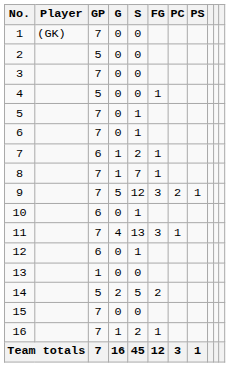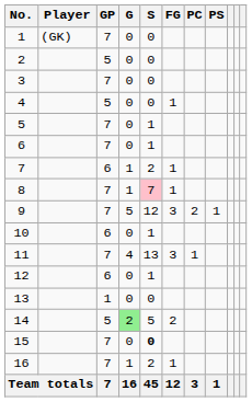 <table class="wikitable sortable" style="font-size:90%; text-align:center">
 <tr>
 <th>No.</th>
 <th>Player</th>
 <th>GP</th>
 <th>G</th>
 <th>S</th>
 <th>FG</th>
 <th>PC</th>
 <th>PS</th>
 <th></th>
 <th></th>
 <th></th>
 </tr>
 <tr>
 <td>1</td>
 <td align=left> (GK)</td>
 <td>7</td>
 <td>0</td>
 <td>0</td>
 <td></td>
 <td></td>
 <td></td>
 <td></td>
 <td></td>
 <td></td>
 </tr>
 <tr>
 <td>2</td>
 <td align=left></td>
 <td>5</td>
 <td>0</td>
 <td>0</td>
 <td></td>
 <td></td>
 <td></td>
 <td></td>
 <td></td>
 <td></td>
 </tr>
 <tr>
 <td>3</td>
 <td align=left></td>
 <td>7</td>
 <td>0</td>
 <td>0</td>
 <td></td>
 <td></td>
 <td></td>
 <td></td>
 <td></td>
 <td></td>
 </tr>
 <tr>
 <td>4</td>
 <td align=left></td>
 <td>5</td>
 <td>0</td>
 <td>0</td>
 <td>1</td>
 <td></td>
 <td></td>
 <td></td>
 <td></td>
 <td></td>
 </tr>
 <tr>
 <td>5</td>
 <td align=left></td>
 <td>7</td>
 <td>0</td>
 <td>1</td>
 <td></td>
 <td></td>
 <td></td>
 <td></td>
 <td></td>
 <td></td>
 </tr>
 <tr>
 <td>6</td>
 <td align=left></td>
 <td>7</td>
 <td>0</td>
 <td>1</td>
 <td></td>
 <td></td>
 <td></td>
 <td></td>
 <td></td>
 <td></td>
 </tr>
 <tr>
 <td>7</td>
 <td align=left></td>
 <td>6</td>
 <td>1</td>
 <td>2</td>
 <td>1</td>
 <td></td>
 <td></td>
 <td></td>
 <td></td>
 <td></td>
 </tr>
 <tr>
 <td>8</td>
 <td align=left></td>
 <td>7</td>
 <td>1</td>
-<td>7</td>
+<td style="background: pink;">7</td>
 <td>1</td>
 <td></td>
 <td></td>
 <td></td>
 <td></td>
 <td></td>
 </tr>
 <tr>
 <td>9</td>
 <td align=left></td>
 <td>7</td>
 <td>5</td>
 <td>12</td>
 <td>3</td>
 <td>2</td>
 <td>1</td>
 <td></td>
 <td></td>
 <td></td>
 </tr>
 <tr>
 <td>10</td>
 <td align=left></td>
 <td>6</td>
 <td>0</td>
 <td>1</td>
 <td></td>
 <td></td>
 <td></td>
 <td></td>
 <td></td>
 <td></td>
 </tr>
 <tr>
 <td>11</td>
 <td align=left></td>
 <td>7</td>
 <td>4</td>
 <td>13</td>
 <td>3</td>
 <td>1</td>
 <td></td>
 <td></td>
 <td></td>
 <td></td>
 </tr>
 <tr>
 <td>12</td>
 <td align=left></td>
 <td>6</td>
 <td>0</td>
 <td>1</td>
 <td></td>
 <td></td>
 <td></td>
 <td></td>
 <td></td>
 <td></td>
 </tr>
 <tr>
 <td>13</td>
 <td align=left></td>
 <td>1</td>
 <td>0</td>
 <td>0</td>
 <td></td>
 <td></td>
 <td></td>
 <td></td>
 <td></td>
 <td></td>
 </tr>
 <tr>
 <td>14</td>
 <td align=left></td>
 <td>5</td>
-<td>2</td>
+<td style="background: lightgreen;">2</td>
 <td>5</td>
 <td>2</td>
 <td></td>
 <td></td>
 <td></td>
 <td></td>
 <td></td>
 </tr>
 <tr>
 <td>15</td>
 <td align=left></td>
 <td>7</td>
 <td>0</td>
-<td>0</td>
+<td><strong>0</strong></td>
 <td></td>
 <td></td>
 <td></td>
 <td></td>
 <td></td>
 <td></td>
 </tr>
 <tr>
 <td>16</td>
 <td align=left></td>
 <td>7</td>
 <td>1</td>
 <td>2</td>
 <td>1</td>
 <td></td>
 <td></td>
 <td></td>
 <td></td>
 <td></td>
 </tr>
 <tr class="sortbottom">
 <th colspan=2>Team totals</th>
 <th>7</th>
 <th>16</th>
 <th>45</th>
 <th>12</th>
 <th>3</th>
 <th>1</th>
 <th></th>
 <th></th>
 <th></th>
 </tr>
 </table>
